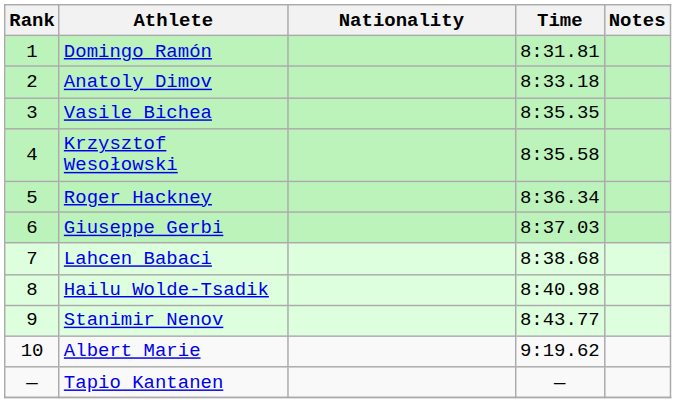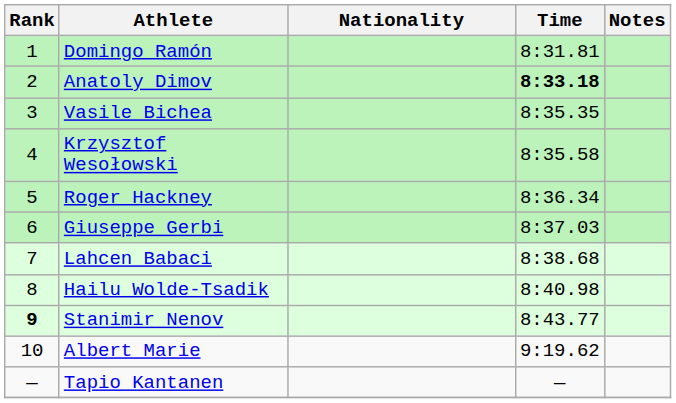 <table class="wikitable sortable" style="text-align:center">
 <tr>
 <th width=30>Rank</th>
 <th width=150>Athlete</th>
 <th width=150>Nationality</th>
 <th width=30>Time</th>
 <th width=30>Notes</th>
 </tr>
 <tr bgcolor=bbf3bb>
 <td>1</td>
 <td align="left"><a href='#'>Domingo Ramón</a></td>
 <td align="left"></td>
 <td>8:31.81</td>
 <td></td>
 </tr>
 <tr bgcolor=bbf3bb>
 <td>2</td>
 <td align="left"><a href='#'>Anatoly Dimov</a></td>
 <td align="left"></td>
-<td>8:33.18</td>
+<td><strong>8:33.18</strong></td>
 <td></td>
 </tr>
 <tr bgcolor=bbf3bb>
 <td>3</td>
 <td align="left"><a href='#'>Vasile Bichea</a></td>
 <td align="left"></td>
 <td>8:35.35</td>
 <td></td>
 </tr>
 <tr bgcolor=bbf3bb>
 <td>4</td>
 <td align="left"><a href='#'>Krzysztof Wesołowski</a></td>
 <td align="left"></td>
 <td>8:35.58</td>
 <td></td>
 </tr>
 <tr bgcolor=bbf3bb>
 <td>5</td>
 <td align="left"><a href='#'>Roger Hackney</a></td>
 <td align="left"></td>
 <td>8:36.34</td>
 <td></td>
 </tr>
 <tr bgcolor=bbf3bb>
 <td>6</td>
 <td align="left"><a href='#'>Giuseppe Gerbi</a></td>
 <td align="left"></td>
 <td>8:37.03</td>
 <td></td>
 </tr>
 <tr bgcolor=#ddffdd>
 <td>7</td>
 <td align="left"><a href='#'>Lahcen Babaci</a></td>
 <td align="left"></td>
 <td>8:38.68</td>
 <td></td>
 </tr>
 <tr bgcolor=#ddffdd>
 <td>8</td>
 <td align="left"><a href='#'>Hailu Wolde-Tsadik</a></td>
 <td align="left"></td>
 <td>8:40.98</td>
 <td></td>
 </tr>
 <tr bgcolor=#ddffdd>
-<td>9</td>
+<td><strong>9</strong></td>
 <td align="left"><a href='#'>Stanimir Nenov</a></td>
 <td align="left"></td>
 <td>8:43.77</td>
 <td></td>
 </tr>
 <tr>
 <td>10</td>
 <td align="left"><a href='#'>Albert Marie</a></td>
 <td align="left"></td>
 <td>9:19.62</td>
 <td></td>
 </tr>
 <tr>
 <td>—</td>
 <td align="left"><a href='#'>Tapio Kantanen</a></td>
 <td align="left"></td>
 <td>—</td>
 <td></td>
 </tr>
 <tr>
 </tr>
 </table>
